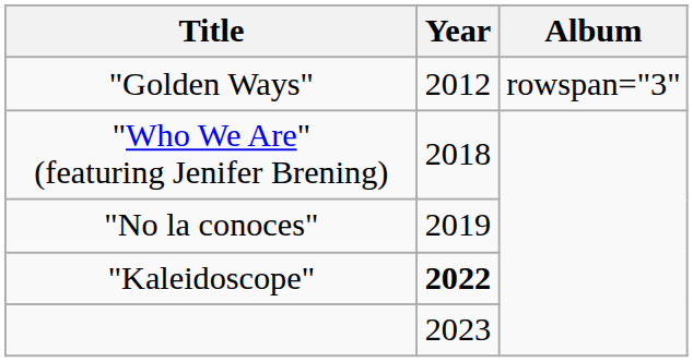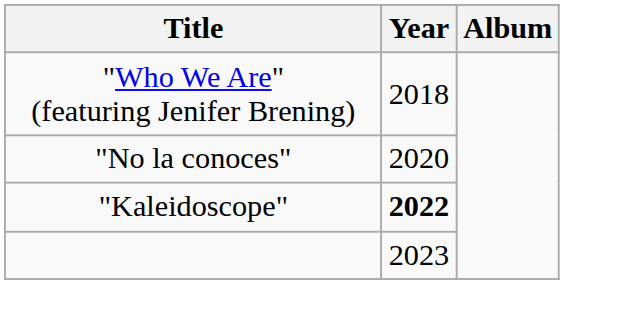 <table class="wikitable plainrowheaders" style="text-align:center;">
 <tr>
 <th scope="col" style="width:12em;">Title</th>
 <th scope="col" style="width:1em;">Year</th>
 <th scope="col">Album</th>
 </tr>
 <tr>
-<td scope="row">"Golden Ways"</td>
-<td>2012</td>
-<td>rowspan="3" </td>
-</tr>
-<tr>
 <td scope="row">"<a href='#'>Who We Are</a>"<br><span>(featuring Jenifer Brening)</span></td>
 <td>2018</td>
 </tr>
 <tr>
 <td scope="row">"No la conoces"</td>
-<td>2019</td>
+<td>2020</td>
 </tr>
 <tr>
 <td>"Kaleidoscope"</td>
 <td scope="row"><strong>2022</strong></td>
 </tr>
 <tr>
 <td></td>
 <td>2023</td>
 </tr>
 </table>
